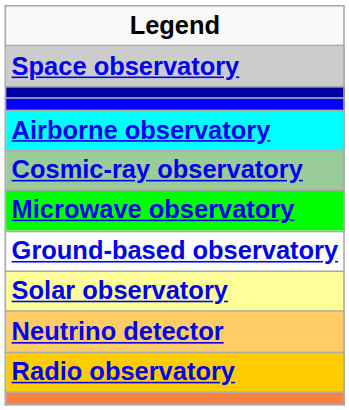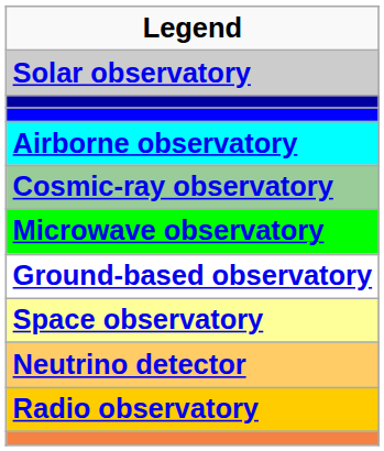 <table class=wikitable style="float: right; margin:5px;">
 <tr align="center">
 <td><strong>Legend</strong></td>
 </tr>
 <tr bgcolor=#CCCCCC>
-<td><strong><a href='#'>Space observatory</a></strong></td>
+<td><strong><a href='#'>Solar observatory</a></strong></td>
 </tr>
 <tr bgcolor=#0000A0>
 <td><strong><a href='#'></a></strong></td>
 </tr>
 <tr bgcolor=#0000FF>
 <td><strong><a href='#'></a></strong></td>
 </tr>
 <tr bgcolor=#00FFFF>
 <td><strong><a href='#'>Airborne observatory</a></strong></td>
 </tr>
 <tr bgcolor=#99CC99>
 <td><strong><a href='#'>Cosmic-ray observatory</a></strong></td>
 </tr>
 <tr bgcolor=#00FF00>
 <td><strong><a href='#'>Microwave observatory</a></strong></td>
 </tr>
 <tr bgcolor=#FFFFFF>
 <td><strong><a href='#'>Ground-based observatory</a></strong></td>
 </tr>
 <tr bgcolor=#FFFF99>
-<td><strong><a href='#'>Solar observatory</a></strong></td>
+<td><strong><a href='#'>Space observatory</a></strong></td>
 </tr>
 <tr bgcolor=#FFCC66>
 <td><strong><a href='#'>Neutrino detector</a></strong></td>
 </tr>
 <tr bgcolor=#FFCC00>
 <td><strong><a href='#'>Radio observatory</a></strong></td>
 </tr>
 <tr bgcolor=#f58242>
 <td><strong><a href='#'></a></strong></td>
 </tr>
 </table>
